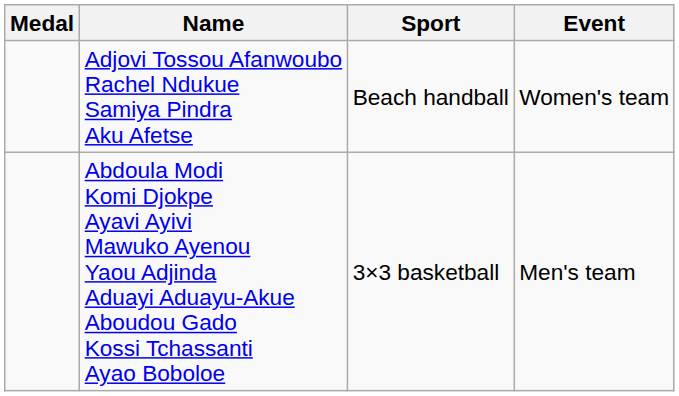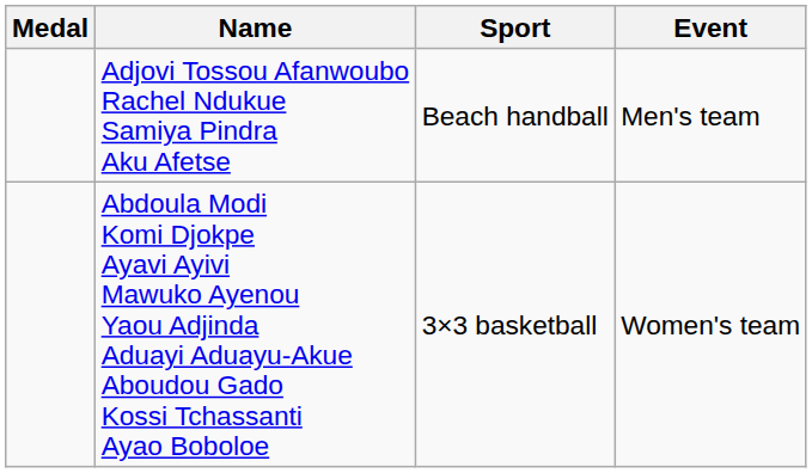 <table class="wikitable sortable" style="font-size: 95%;">
 <tr>
 <th>Medal</th>
 <th>Name</th>
 <th>Sport</th>
 <th>Event</th>
 </tr>
 <tr>
 <td></td>
 <td><a href='#'>Adjovi Tossou Afanwoubo</a><br><a href='#'>Rachel Ndukue</a><br><a href='#'>Samiya Pindra</a><br><a href='#'>Aku Afetse</a></td>
 <td>Beach handball</td>
-<td>Women's team</td>
+<td>Men's team</td>
 </tr>
 <tr>
 <td></td>
 <td><a href='#'>Abdoula Modi</a><br><a href='#'>Komi Djokpe</a><br><a href='#'>Ayavi Ayivi</a><br><a href='#'>Mawuko Ayenou</a><br><a href='#'>Yaou Adjinda</a><br><a href='#'>Aduayi Aduayu-Akue</a><br><a href='#'>Aboudou Gado</a><br><a href='#'>Kossi Tchassanti</a><br><a href='#'>Ayao Boboloe</a></td>
 <td>3×3 basketball</td>
-<td>Men's team</td>
+<td>Women's team</td>
 </tr>
 </table>
